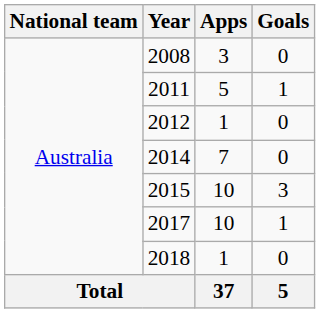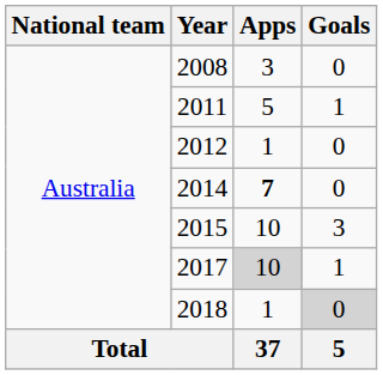 <table class="wikitable" style="text-align:center">
 <tr>
 <th>National team</th>
 <th>Year</th>
 <th>Apps</th>
 <th>Goals</th>
 </tr>
 <tr>
 <td rowspan="7"><a href='#'>Australia</a></td>
 <td>2008</td>
 <td>3</td>
 <td>0</td>
 </tr>
 <tr>
 <td>2011</td>
 <td>5</td>
 <td>1</td>
 </tr>
 <tr>
 <td>2012</td>
 <td>1</td>
 <td>0</td>
 </tr>
 <tr>
 <td>2014</td>
-<td>7</td>
+<td><strong>7</strong></td>
 <td>0</td>
 </tr>
 <tr>
 <td>2015</td>
 <td>10</td>
 <td>3</td>
 </tr>
 <tr>
 <td>2017</td>
-<td>10</td>
+<td style="background: lightgrey;">10</td>
 <td>1</td>
 </tr>
 <tr>
 <td>2018</td>
 <td>1</td>
-<td>0</td>
+<td style="background: lightgrey;">0</td>
 </tr>
 <tr>
 <th colspan="2">Total</th>
 <th>37</th>
 <th>5</th>
 </tr>
 </table>
